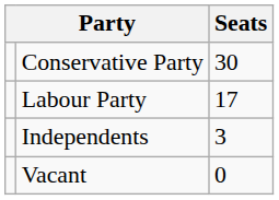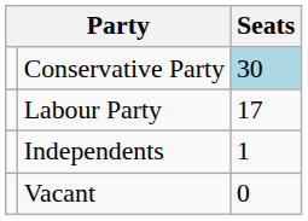 <table class="wikitable">
 <tr>
 <th colspan="2">Party</th>
 <th>Seats</th>
 </tr>
 <tr>
 <td style="color:inherit;background:"></td>
 <td>Conservative Party</td>
-<td>30</td>
+<td style="background: lightblue;">30</td>
 </tr>
 <tr>
 <td style="color:inherit;background:"></td>
 <td>Labour Party</td>
 <td>17</td>
 </tr>
 <tr>
 <td style="color:inherit;background:"></td>
 <td>Independents</td>
-<td>3</td>
+<td>1</td>
 </tr>
 <tr>
 <td style="color:inherit;background:"></td>
 <td>Vacant</td>
 <td>0</td>
 </tr>
 </table>
